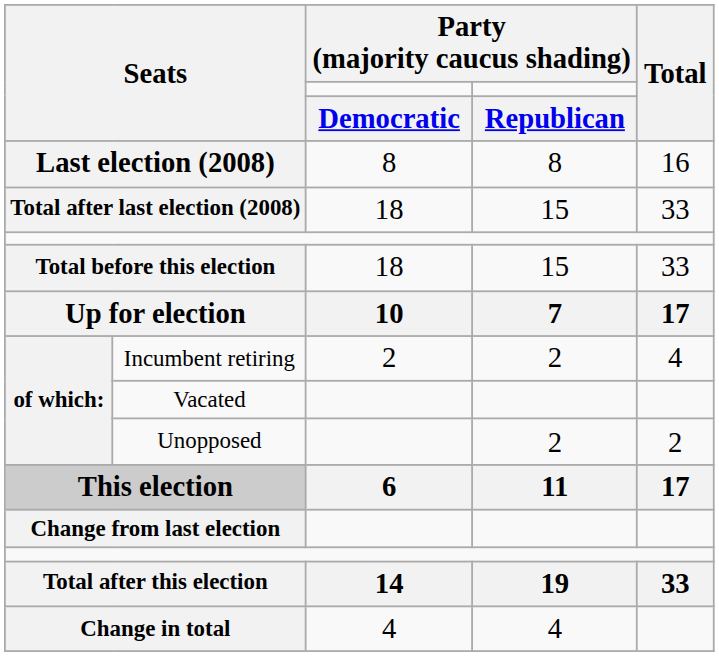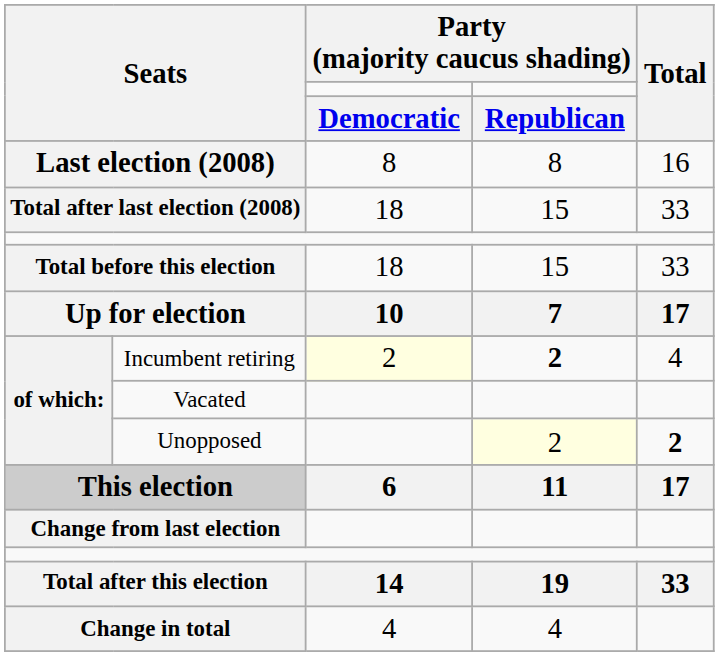 <table class="wikitable" style="text-align:center">
 <tr>
 <th colspan="2" rowspan="3">Seats</th>
 <th colspan="2">Party<div>(majority caucus shading)</div></th>
 <th rowspan="3">Total</th>
 </tr>
 <tr style="height:5px">
 <td style="background-color:"></td>
 <td style="background-color:"></td>
 </tr>
 <tr>
 <th><a href='#'>Democratic</a></th>
 <th><a href='#'>Republican</a></th>
 </tr>
 <tr>
 <th colspan="2" nowrap="">Last election (2008)</th>
 <td>8</td>
 <td>8</td>
 <td>16</td>
 </tr>
 <tr>
 <th colspan="2" nowrap="" style="font-size:80%">Total after last election (2008)</th>
 <td>18</td>
 <td>15</td>
 <td>33</td>
 </tr>
 <tr>
 <td colspan="5"></td>
 </tr>
 <tr>
 <th colspan="2" nowrap="" style="font-size:80%">Total before this election</th>
 <td>18</td>
 <td>15</td>
 <td>33</td>
 </tr>
 <tr>
 <th colspan="2">Up for election</th>
 <th>10</th>
 <th>7</th>
 <th>17</th>
 </tr>
 <tr>
 <th rowspan="3" style="font-size:80%">of which:</th>
 <td nowrap="" style="font-size:80%">Incumbent retiring</td>
-<td>2</td>
-<td>2</td>
+<td style="background: lightyellow;">2</td>
+<td><strong>2</strong></td>
 <td>4</td>
 </tr>
 <tr>
 <td nowrap="" style="font-size:80%">Vacated</td>
 <td></td>
 <td></td>
 <td></td>
 </tr>
 <tr>
 <td nowrap="" style="font-size:80%">Unopposed</td>
 <td></td>
-<td>2</td>
-<td>2</td>
+<td style="background: lightyellow;">2</td>
+<td><strong>2</strong></td>
 </tr>
 <tr>
 <th colspan="2" nowrap="" style="background:#ccc">This election</th>
 <th>6</th>
 <th>11</th>
 <th>17</th>
 </tr>
 <tr>
 <th colspan="2" nowrap="" style="font-size:80%">Change from last election</th>
 <td></td>
 <td></td>
 <td></td>
 </tr>
 <tr>
 <td colspan="5"></td>
 </tr>
 <tr>
 <th colspan="2" nowrap="" style="font-size:80%">Total after this election</th>
 <th>14</th>
 <th>19</th>
 <th>33</th>
 </tr>
 <tr>
 <th colspan="2" nowrap="" style="font-size:80%">Change in total</th>
 <td> 4</td>
 <td> 4</td>
 <td></td>
 </tr>
 </table>
